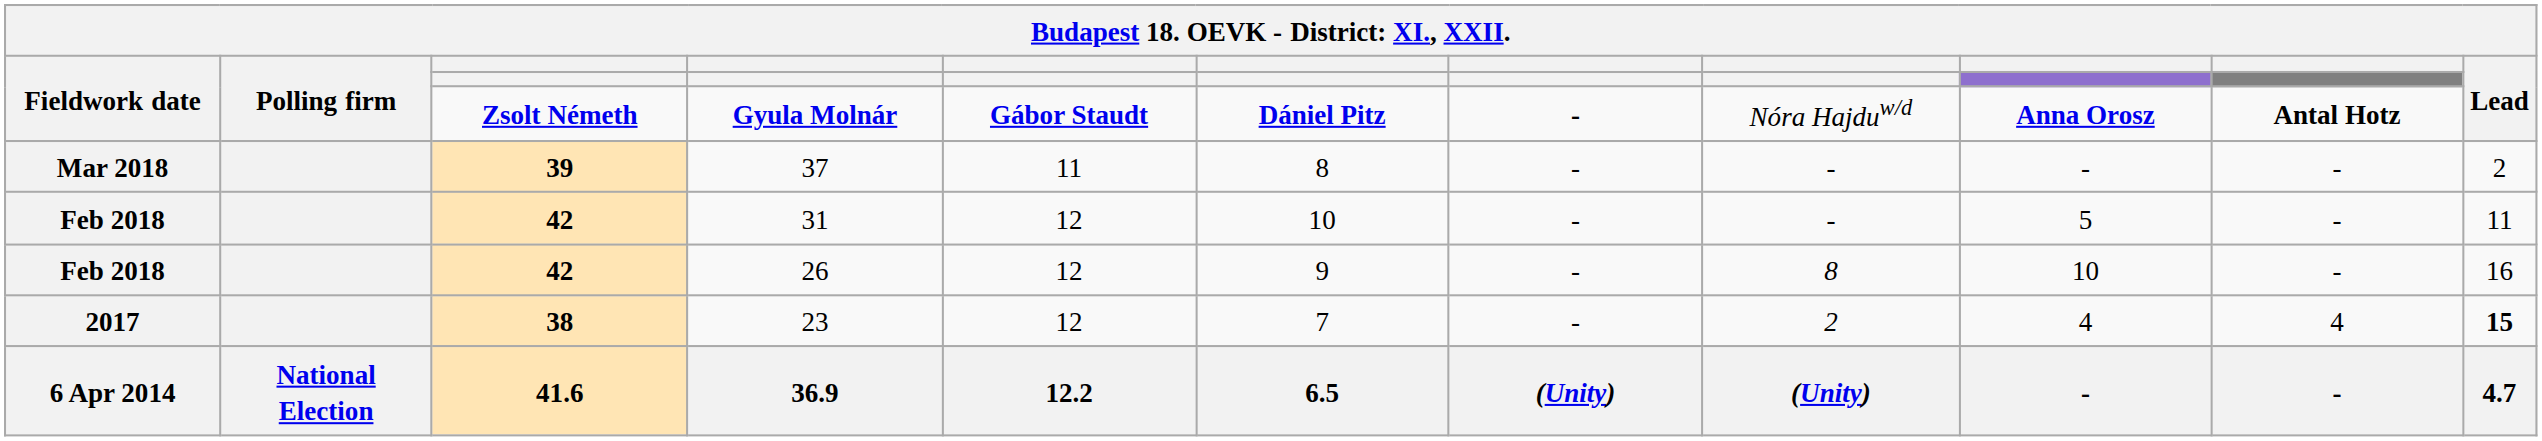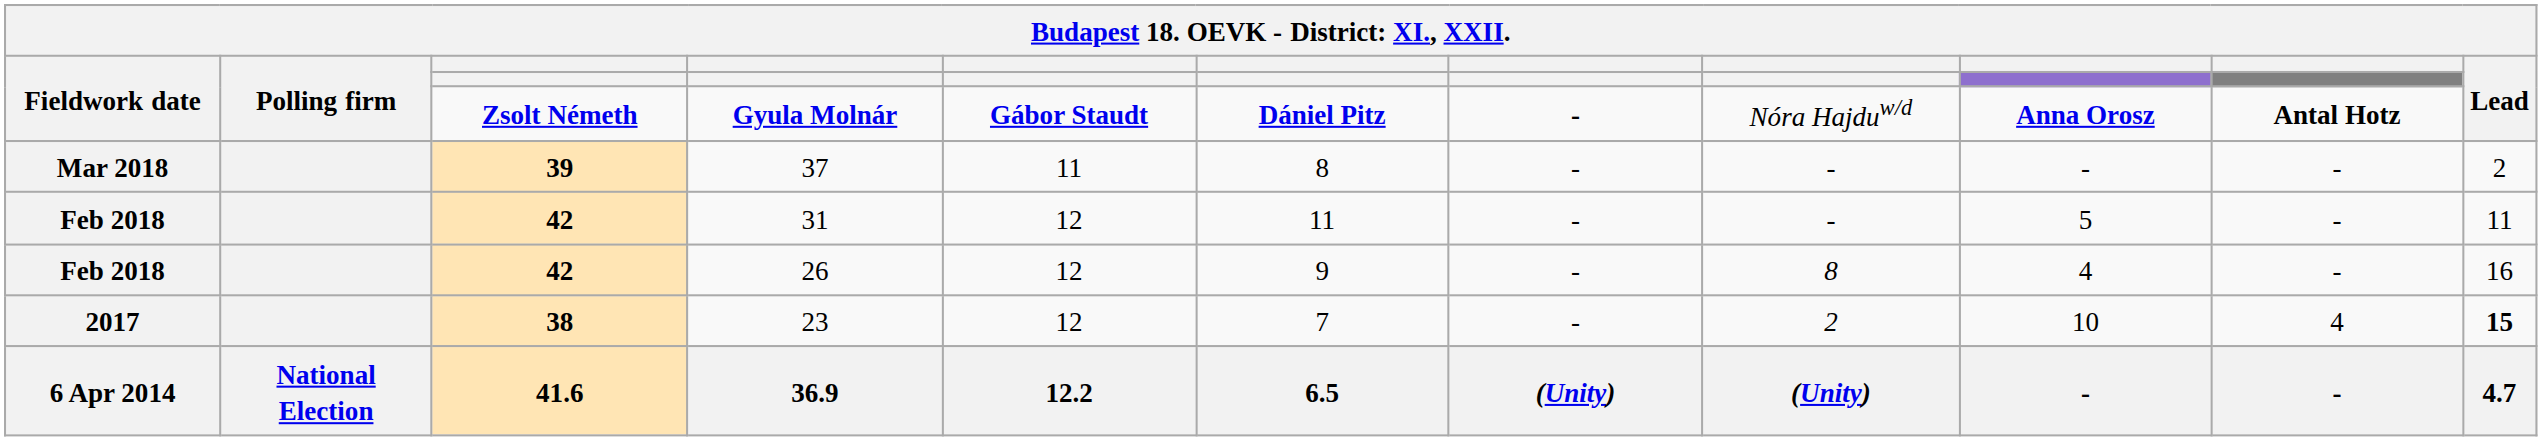 <table class="wikitable mw-collapsible mw-collapsed" style="text-align:center">
 <tr>
 <th colspan="11" style="width: 980pt;"><small><a href='#'>Budapest</a> 18. OEVK -</small> <small>District: <a href='#'>XI.</a>, <a href='#'>XXII</a>.</small></th>
 </tr>
 <tr>
 <th rowspan="3" style="width: 80pt;"><small>Fieldwork</small> <small>date</small></th>
 <th rowspan="3" style="width: 80pt;"><strong><small>Polling</small> <small>firm</small></strong></th>
 <th style="width: 100pt;"><small></small></th>
 <th style="width: 100pt;"><small> </small></th>
 <th style="width: 100pt;"></th>
 <th style="width: 100pt;"></th>
 <th style="width: 100pt;"></th>
 <th style="width: 100pt;"></th>
 <th style="width: 100pt;"></th>
 <th style="width: 100pt;"></th>
 <th rowspan="3" style="width: 20pt;"><small>Lead</small></th>
 </tr>
 <tr>
 <th style="color:inherit;background:"></th>
 <th style="color:inherit;background:"></th>
 <th style="color:inherit;background:"></th>
 <th style="color:inherit;background:"></th>
 <th style="color:inherit;background:"></th>
 <th style="color:inherit;background:"></th>
 <th style="color:inherit;background:#8E6FCE;"></th>
 <th style="color:inherit;background:#808080;"></th>
 </tr>
 <tr>
 <td><small><a href='#'><strong>Zsolt Németh</strong></a></small></td>
 <td><small><strong><a href='#'>Gyula Molnár</a></strong></small></td>
 <td><small><a href='#'><strong>Gábor Staudt</strong></a></small></td>
 <td><small><a href='#'><strong>Dániel Pitz</strong></a></small></td>
 <td><small><strong>-</strong></small></td>
 <td><small><em>Nóra Hajdu<sup>w/d</sup></em></small></td>
 <td><small><a href='#'><strong>Anna Orosz</strong></a></small></td>
 <td><small><strong>Antal Hotz</strong></small></td>
 </tr>
 <tr>
 <th><small>Mar 2018</small></th>
 <th><small></small></th>
 <td style="background:#FFE5B4"><small><strong>39</strong></small></td>
 <td><small>37</small></td>
 <td><small>11</small></td>
 <td><small>8</small></td>
 <td><small>-</small></td>
 <td><small><em>-</em></small></td>
 <td><small>-</small></td>
 <td><small>-</small></td>
 <td style="background:"><small>2</small></td>
 </tr>
 <tr>
 <th><small>Feb 2018</small></th>
 <th> </th>
 <td style="background:#FFE5B4"><small><strong>42</strong></small></td>
 <td><small>31</small></td>
 <td><small>12</small></td>
-<td><small>10</small></td>
+<td><small>11</small></td>
 <td><small>-</small></td>
 <td><small>-</small></td>
 <td><small>5</small></td>
 <td><small>-</small></td>
 <td style="background:"><small>11</small></td>
 </tr>
 <tr>
 <th><small>Feb 2018</small></th>
 <th> </th>
 <td style="background:#FFE5B4"><small><strong>42</strong></small></td>
 <td><small>26</small></td>
 <td><small>12</small></td>
 <td><small>9</small></td>
 <td><small>-</small></td>
 <td><small><em>8</em></small></td>
-<td><small>10</small></td>
+<td><small>4</small></td>
 <td><small>-</small></td>
 <td style="background:"><small>16</small></td>
 </tr>
 <tr>
 <th><small>2017</small></th>
 <th><small></small></th>
 <td style="background:#FFE5B4"><small><strong>38</strong></small></td>
 <td><small>23</small></td>
 <td><small>12</small></td>
 <td><small>7</small></td>
 <td><small>-</small></td>
 <td><small><em>2</em></small></td>
-<td><small>4</small></td>
+<td><small>10</small></td>
 <td><small>4</small></td>
 <td style="background:"><strong><small>15</small></strong></td>
 </tr>
 <tr>
 <th><small>6 Apr 2014</small></th>
 <th><a href='#'><small>National Election</small></a></th>
 <th style="background:#FFE5B4"><small>41.6</small></th>
 <th><small>36.9</small></th>
 <th><small>12.2</small></th>
 <th><small>6.5</small></th>
 <th><small><em>(<a href='#'>Unity</a>)</em></small></th>
 <th><small><em>(<a href='#'>Unity</a>)</em></small></th>
 <th><small>-</small></th>
 <th><small>-</small></th>
 <th style="background:"><small>4.7</small></th>
 </tr>
 </table>
